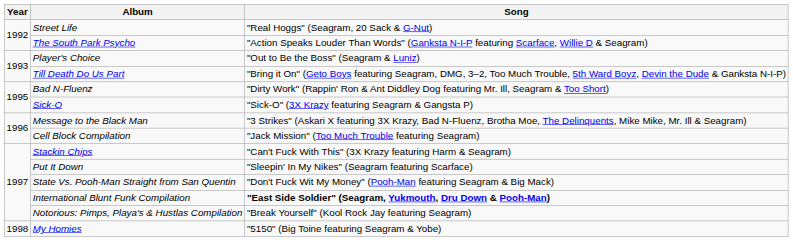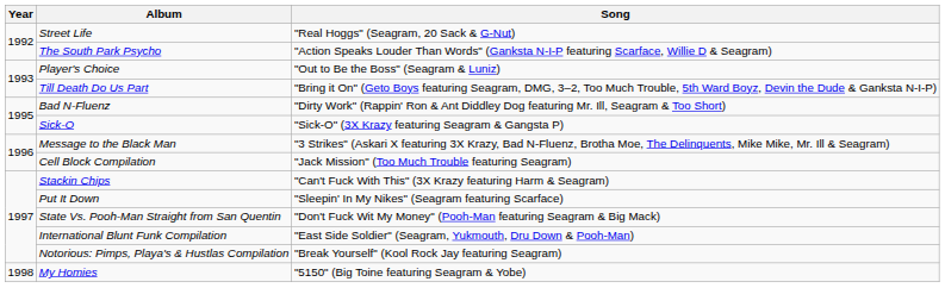 <table class="wikitable">
 <tr>
 <th>Year</th>
 <th>Album</th>
 <th>Song</th>
 </tr>
 <tr>
 <td rowspan="2">1992</td>
 <td><em>Street Life</em></td>
 <td>"Real Hoggs" (Seagram, 20 Sack & <a href='#'>G-Nut</a>)</td>
 </tr>
 <tr>
 <td><em><a href='#'>The South Park Psycho</a></em></td>
 <td>"Action Speaks Louder Than Words" (<a href='#'>Ganksta N-I-P</a> featuring <a href='#'>Scarface</a>, <a href='#'>Willie D</a> & Seagram)</td>
 </tr>
 <tr>
 <td rowspan="2">1993</td>
 <td><em>Player's Choice</em></td>
 <td>"Out to Be the Boss" (Seagram & <a href='#'>Luniz</a>)</td>
 </tr>
 <tr>
 <td><em><a href='#'>Till Death Do Us Part</a></em></td>
 <td>"Bring it On" (<a href='#'>Geto Boys</a> featuring Seagram, DMG, 3–2, Too Much Trouble, <a href='#'>5th Ward Boyz</a>, <a href='#'>Devin the Dude</a> & Ganksta N-I-P)</td>
 </tr>
 <tr>
 <td rowspan="2">1995</td>
 <td><em>Bad N-Fluenz</em></td>
 <td>"Dirty Work" (Rappin' Ron & Ant Diddley Dog featuring Mr. Ill, Seagram & <a href='#'>Too Short</a>)</td>
 </tr>
 <tr>
 <td><em><a href='#'>Sick-O</a></em></td>
 <td>"Sick-O" (<a href='#'>3X Krazy</a> featuring Seagram & Gangsta P)</td>
 </tr>
 <tr>
 <td rowspan="2">1996</td>
 <td><em>Message to the Black Man</em></td>
 <td>"3 Strikes" (Askari X featuring 3X Krazy, Bad N-Fluenz, Brotha Moe, <a href='#'>The Delinquents</a>, Mike Mike, Mr. Ill & Seagram)</td>
 </tr>
 <tr>
 <td><em>Cell Block Compilation</em></td>
 <td>"Jack Mission" (<a href='#'>Too Much Trouble</a> featuring Seagram)</td>
 </tr>
 <tr>
 <td rowspan="5">1997</td>
 <td><em><a href='#'>Stackin Chips</a></em></td>
 <td>"Can't Fuck With This" (3X Krazy featuring Harm & Seagram)</td>
 </tr>
 <tr>
 <td><em>Put It Down</em></td>
 <td>"Sleepin' In My Nikes" (Seagram featuring Scarface)</td>
 </tr>
 <tr>
 <td><em>State Vs. Pooh-Man Straight from San Quentin</em></td>
 <td>"Don't Fuck Wit My Money" (<a href='#'>Pooh-Man</a> featuring Seagram & Big Mack)</td>
 </tr>
 <tr>
 <td><em>International Blunt Funk Compilation</em></td>
-<td><strong>"East Side Soldier" (Seagram, <a href='#'>Yukmouth</a>, <a href='#'>Dru Down</a> & <a href='#'>Pooh-Man</a>)</strong></td>
+<td>"East Side Soldier" (Seagram, <a href='#'>Yukmouth</a>, <a href='#'>Dru Down</a> & <a href='#'>Pooh-Man</a>)</td>
 </tr>
 <tr>
 <td><em>Notorious: Pimps, Playa's & Hustlas Compilation</em></td>
 <td>"Break Yourself" (Kool Rock Jay featuring Seagram)</td>
 </tr>
 <tr>
 <td>1998</td>
 <td><em><a href='#'>My Homies</a></em></td>
 <td>"5150" (Big Toine featuring Seagram & Yobe)</td>
 </tr>
 </table>
